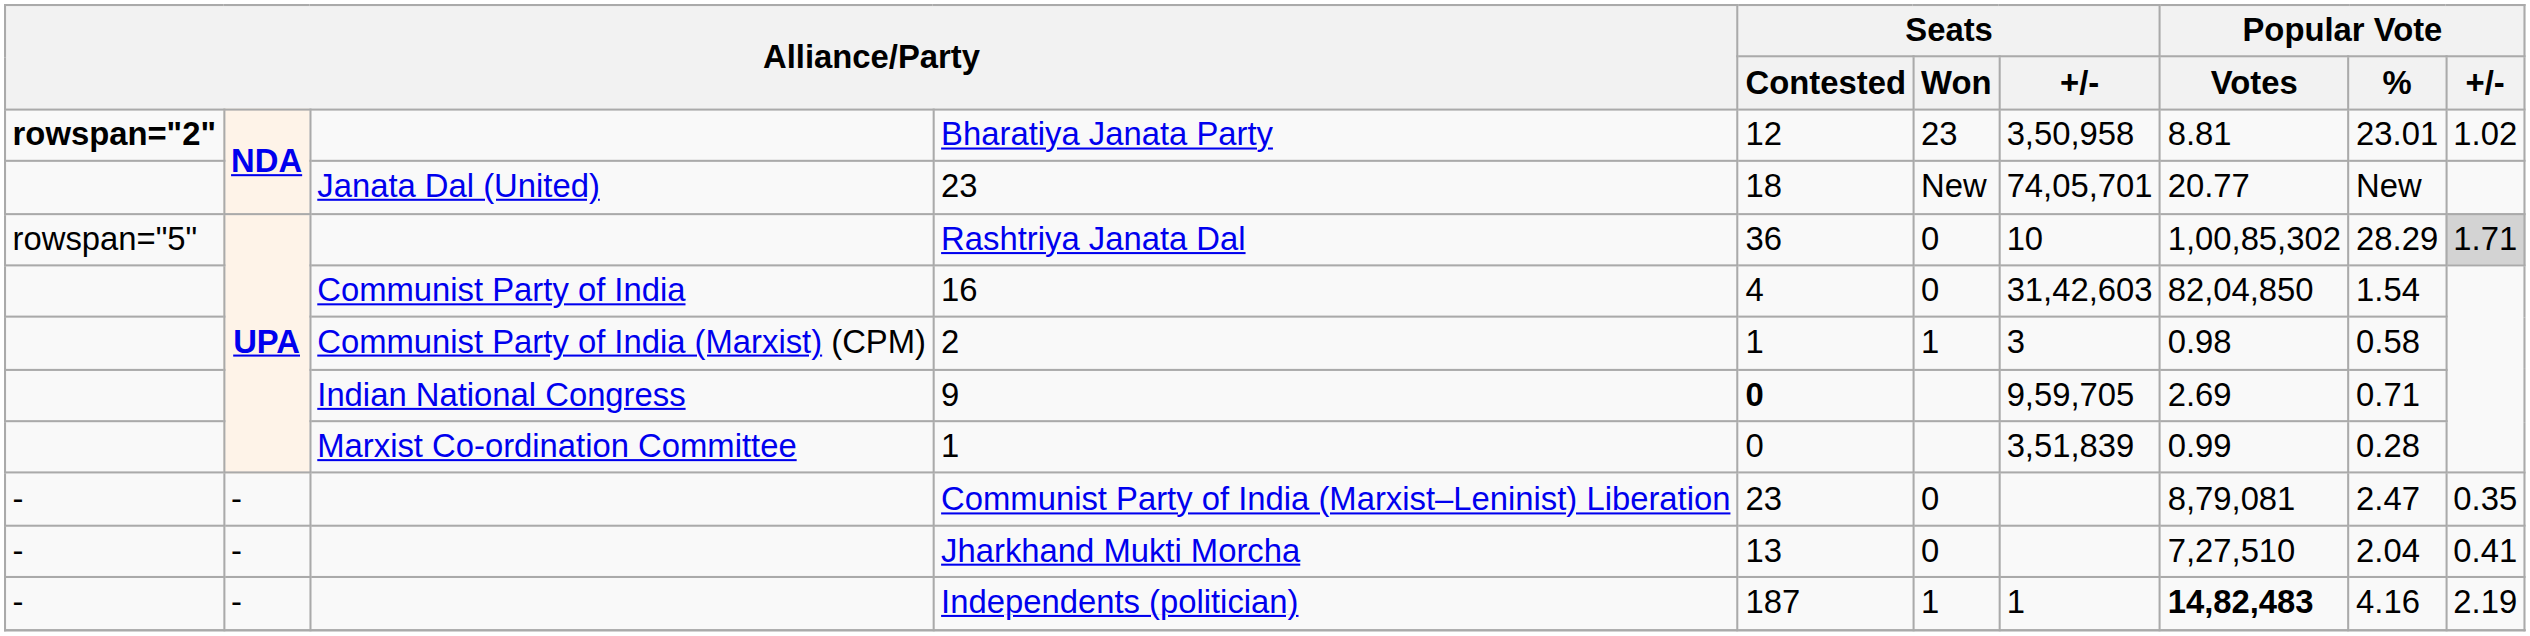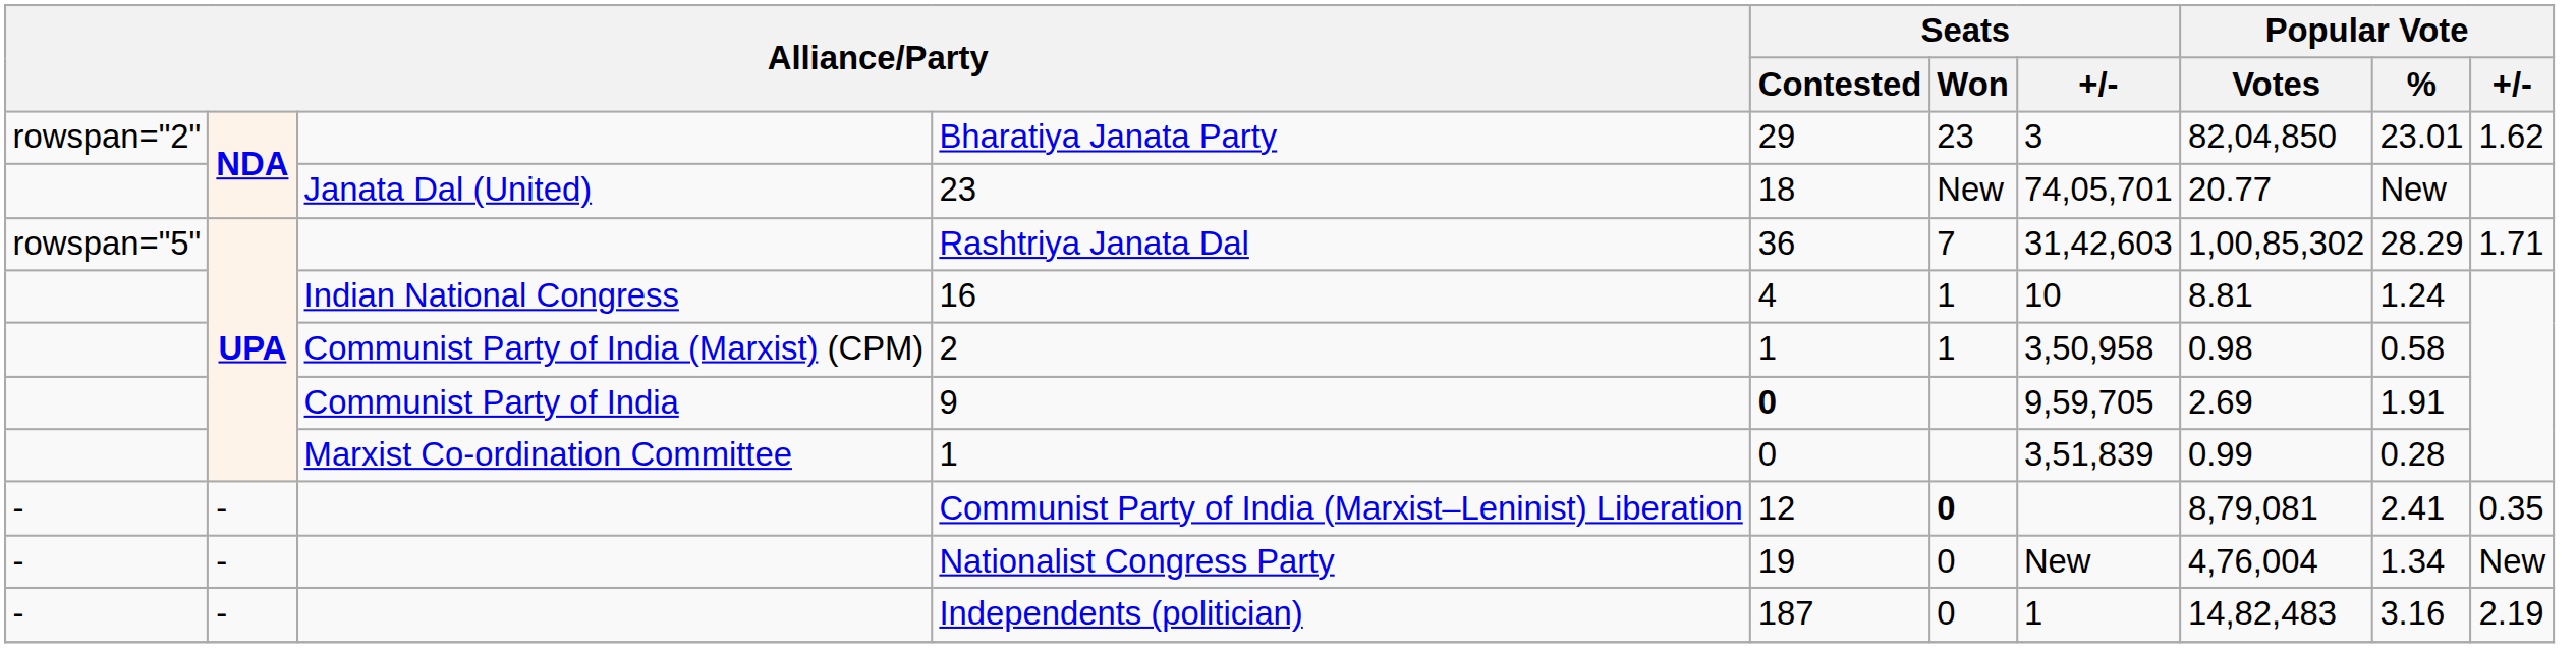 <table class=wikitable>
 <tr>
 <th colspan="4" rowspan="2">Alliance/Party</th>
 <th colspan="3">Seats</th>
 <th colspan="3">Popular Vote</th>
 </tr>
 <tr>
 <th>Contested</th>
 <th>Won</th>
 <th>+/-</th>
 <th>Votes</th>
 <th>%</th>
 <th>+/-</th>
 </tr>
 <tr>
-<td><strong>rowspan="2" </strong></td>
+<td>rowspan="2" </td>
 <th rowspan="2" style="background:#FEF3E8"><a href='#'>NDA</a></th>
 <td></td>
 <td><a href='#'>Bharatiya Janata Party</a></td>
-<td>12</td>
+<td>29</td>
 <td>23</td>
-<td>3,50,958</td>
-<td>8.81</td>
+<td>3</td>
+<td>82,04,850</td>
 <td>23.01</td>
-<td>1.02</td>
+<td>1.62</td>
 </tr>
 <tr>
 <td></td>
 <td><a href='#'>Janata Dal (United)</a></td>
 <td>23</td>
 <td>18</td>
 <td>New</td>
 <td>74,05,701</td>
 <td>20.77</td>
 <td>New</td>
 </tr>
 <tr>
 <td>rowspan="5"  </td>
 <th rowspan="5" style="background:#FEF3E8"><a href='#'>UPA</a></th>
 <td></td>
 <td><a href='#'>Rashtriya Janata Dal</a></td>
 <td>36</td>
-<td>0</td>
-<td>10</td>
+<td>7</td>
+<td>31,42,603</td>
 <td>1,00,85,302</td>
 <td>28.29</td>
-<td style="background: lightgrey;">1.71</td>
+<td>1.71</td>
 </tr>
 <tr>
 <td></td>
-<td><a href='#'>Communist Party of India</a></td>
+<td><a href='#'>Indian National Congress</a></td>
 <td>16</td>
 <td>4</td>
-<td>0</td>
-<td>31,42,603</td>
-<td>82,04,850</td>
-<td>1.54</td>
+<td>1</td>
+<td>10</td>
+<td>8.81</td>
+<td>1.24</td>
 </tr>
 <tr>
 <td></td>
 <td><a href='#'>Communist Party of India (Marxist)</a> (CPM)</td>
 <td>2</td>
 <td>1</td>
 <td>1</td>
-<td>3</td>
+<td>3,50,958</td>
 <td>0.98</td>
 <td>0.58</td>
 </tr>
 <tr>
 <td></td>
-<td><a href='#'>Indian National Congress</a></td>
+<td><a href='#'>Communist Party of India</a></td>
 <td>9</td>
 <td><strong>0</strong></td>
 <td></td>
 <td>9,59,705</td>
 <td>2.69</td>
-<td>0.71</td>
+<td>1.91</td>
 </tr>
 <tr>
 <td></td>
 <td><a href='#'>Marxist Co-ordination Committee</a></td>
 <td>1</td>
 <td>0</td>
 <td></td>
 <td>3,51,839</td>
 <td>0.99</td>
 <td>0.28</td>
 </tr>
 <tr>
 <td>-</td>
 <td>-</td>
 <td></td>
 <td><a href='#'>Communist Party of India (Marxist–Leninist) Liberation</a></td>
-<td>23</td>
-<td>0</td>
+<td>12</td>
+<td><strong>0</strong></td>
 <td></td>
 <td>8,79,081</td>
-<td>2.47</td>
+<td>2.41</td>
 <td>0.35</td>
 </tr>
 <tr>
 <td>-</td>
 <td>-</td>
 <td></td>
-<td><a href='#'>Jharkhand Mukti Morcha</a></td>
-<td>13</td>
+<td><a href='#'>Nationalist Congress Party</a></td>
+<td>19</td>
 <td>0</td>
-<td></td>
-<td>7,27,510</td>
-<td>2.04</td>
-<td>0.41</td>
+<td>New</td>
+<td>4,76,004</td>
+<td>1.34</td>
+<td>New</td>
 </tr>
 <tr>
 <td>-</td>
 <td>-</td>
 <td></td>
 <td><a href='#'>Independents (politician)</a></td>
 <td>187</td>
+<td>0</td>
 <td>1</td>
-<td>1</td>
-<td><strong>14,82,483</strong></td>
-<td>4.16</td>
+<td>14,82,483</td>
+<td>3.16</td>
 <td>2.19</td>
 </tr>
 <tr>
 </tr>
 </table>
